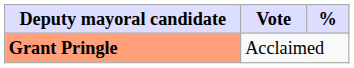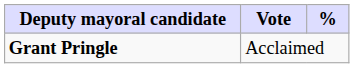 <table class="wikitable">
 <tr>
 <th style="background:#ddf; width:200px;">Deputy mayoral candidate</th>
 <th style="background:#ddf; width:50px;">Vote</th>
 <th style="background:#ddf; width:30px;">%</th>
 </tr>
 <tr>
-<td style="background: lightsalmon;"><strong>Grant Pringle</strong></td>
+<td><strong>Grant Pringle</strong></td>
 <td colspan="2">Acclaimed</td>
 </tr>
 </table>
